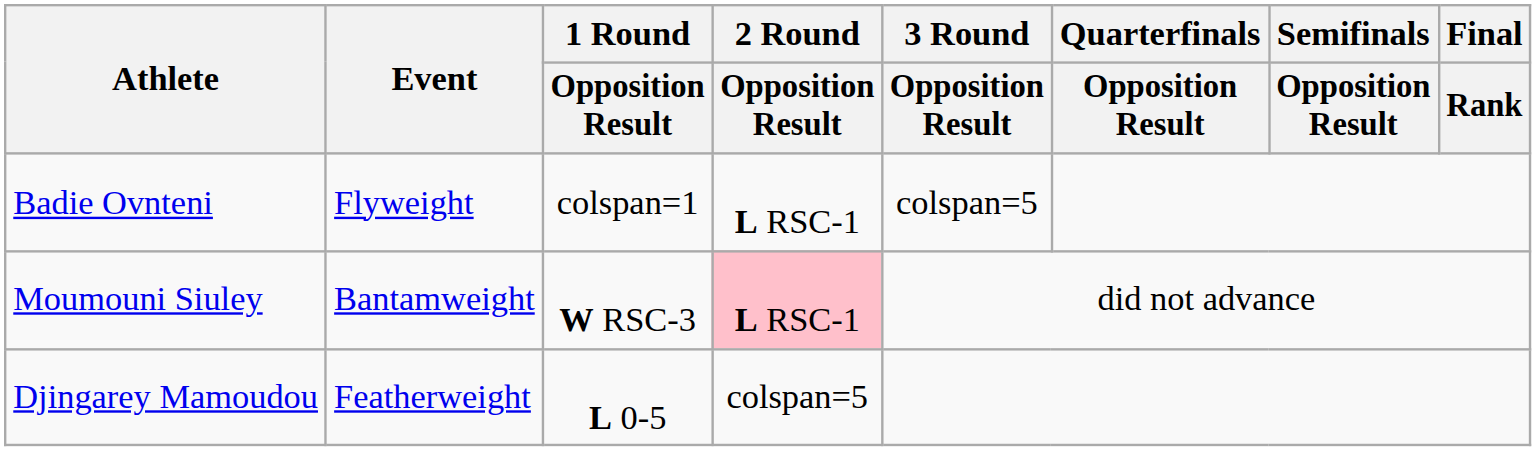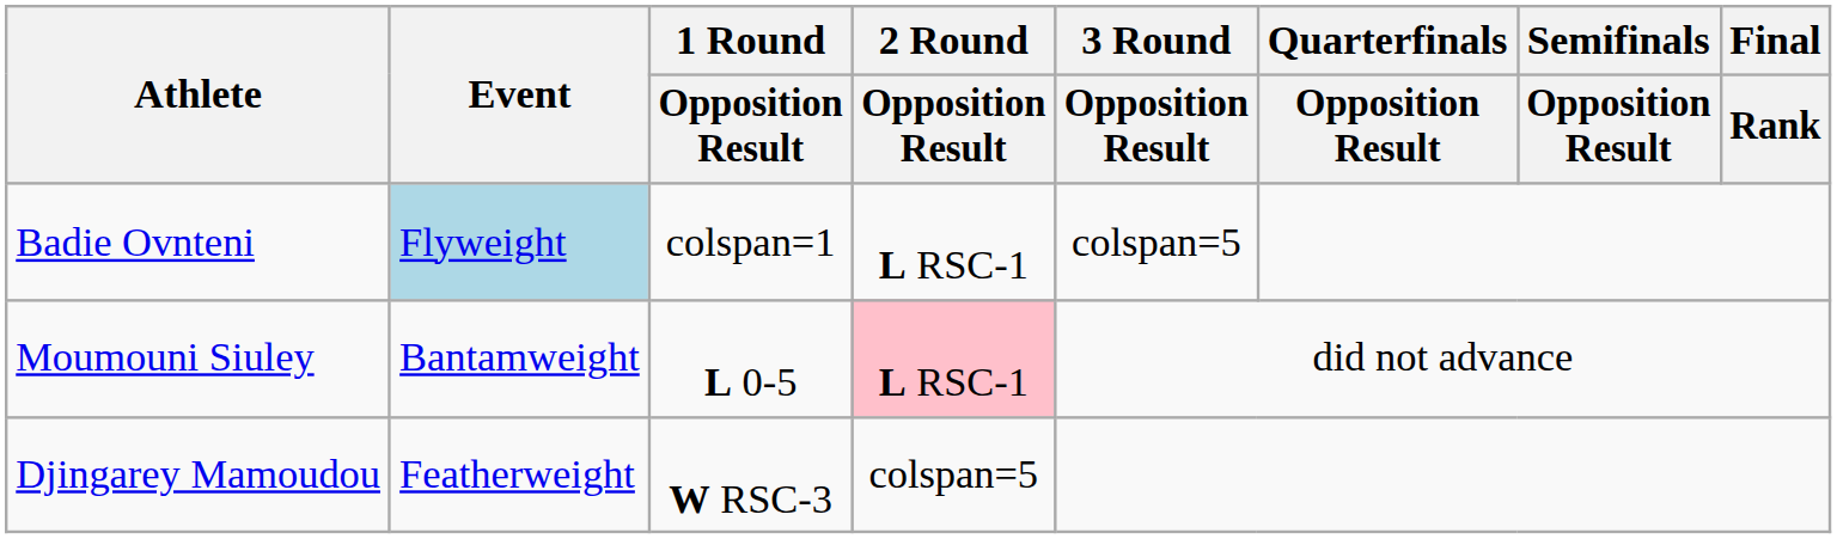 <table class="wikitable" style="font-size:90%">
 <tr>
 <th rowspan="2">Athlete</th>
 <th rowspan="2">Event</th>
 <th>1 Round</th>
 <th>2 Round</th>
 <th>3 Round</th>
 <th>Quarterfinals</th>
 <th>Semifinals</th>
 <th colspan=2>Final</th>
 </tr>
 <tr style="font-size:95%">
 <th>Opposition<br>Result</th>
 <th>Opposition<br>Result</th>
 <th>Opposition<br>Result</th>
 <th>Opposition<br>Result</th>
 <th>Opposition<br>Result</th>
 <th colspan=2>Rank</th>
 </tr>
 <tr align=center>
 <td align=left><a href='#'>Badie Ovnteni</a></td>
-<td align=left><a href='#'>Flyweight</a></td>
+<td align=left style="background: lightblue;"><a href='#'>Flyweight</a></td>
 <td>colspan=1 </td>
 <td><br><strong>L</strong> RSC-1</td>
 <td>colspan=5 </td>
 </tr>
 <tr align=center>
 <td align=left><a href='#'>Moumouni Siuley</a></td>
 <td align=left><a href='#'>Bantamweight</a></td>
-<td><br><strong>W</strong> RSC-3</td>
+<td><br><strong>L</strong> 0-5</td>
 <td style="background: pink;"><br><strong>L</strong> RSC-1</td>
 <td colspan=5>did not advance</td>
 </tr>
 <tr align=center>
 <td align=left><a href='#'>Djingarey Mamoudou</a></td>
 <td align=left><a href='#'>Featherweight</a></td>
-<td><br><strong>L</strong> 0-5</td>
+<td><br><strong>W</strong> RSC-3</td>
 <td>colspan=5 </td>
 </tr>
 </table>
